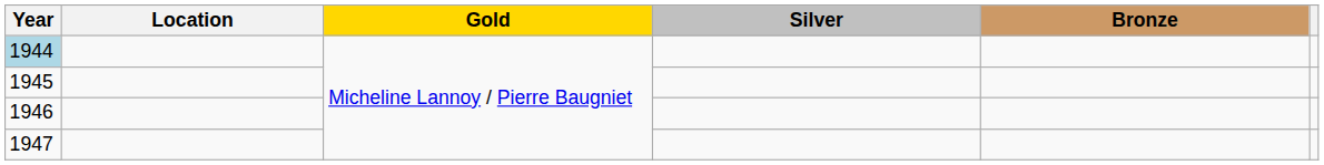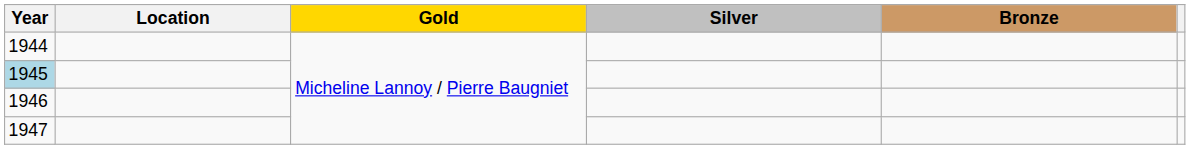 <table class="wikitable unsortable" style="text-align:left; width:85%">
 <tr>
 <th scope="col" style="text-align:center">Year</th>
 <th scope="col" style="text-align:center; width:20%">Location</th>
 <th scope="col" style="text-align:center; width:25%; background:gold">Gold</th>
 <th scope="col" style="text-align:center; width:25%; background:silver">Silver</th>
 <th scope="col" style="text-align:center; width:25%; background:#c96">Bronze</th>
 <th scope="col" style="text-align:center"></th>
 </tr>
 <tr>
-<td style="background: lightblue;">1944</td>
+<td>1944</td>
 <td></td>
 <td rowspan="4"><a href='#'>Micheline Lannoy</a> / <a href='#'>Pierre Baugniet</a></td>
 <td></td>
 <td></td>
 <td></td>
 </tr>
 <tr>
-<td>1945</td>
+<td style="background: lightblue;">1945</td>
 <td></td>
 <td></td>
 <td></td>
 <td></td>
 </tr>
 <tr>
 <td>1946</td>
 <td></td>
 <td></td>
 <td></td>
 <td></td>
 </tr>
 <tr>
 <td>1947</td>
 <td></td>
 <td></td>
 <td></td>
 <td></td>
 </tr>
 </table>
